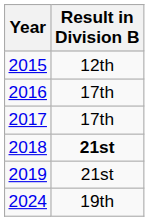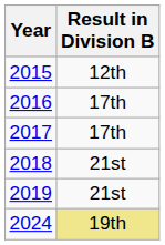 <table class="wikitable" style="text-align:center">
 <tr>
 <th>Year</th>
 <th>Result in<br>Division B</th>
 </tr>
 <tr>
 <td><a href='#'>2015</a></td>
 <td>12th</td>
 </tr>
 <tr>
 <td><a href='#'>2016</a></td>
 <td>17th</td>
 </tr>
 <tr>
 <td><a href='#'>2017</a></td>
 <td>17th</td>
 </tr>
 <tr>
 <td><a href='#'>2018</a></td>
-<td><strong>21st</strong></td>
+<td>21st</td>
 </tr>
 <tr>
 <td><a href='#'>2019</a></td>
 <td>21st</td>
 </tr>
 <tr>
 <td><a href='#'>2024</a></td>
-<td>19th</td>
+<td style="background: khaki;">19th</td>
 </tr>
 </table>
